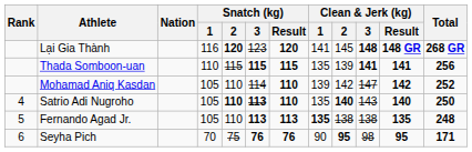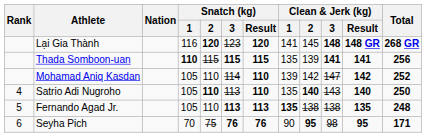 <table class="wikitable sortable" style="text-align:center;">
 <tr>
 <th rowspan=2>Rank</th>
 <th rowspan=2>Athlete</th>
 <th rowspan=2>Nation</th>
 <th colspan=4>Snatch (kg)</th>
 <th colspan=4>Clean & Jerk (kg)</th>
 <th rowspan=2>Total</th>
 </tr>
 <tr>
 <th>1</th>
 <th>2</th>
 <th>3</th>
 <th>Result</th>
 <th>1</th>
 <th>2</th>
 <th>3</th>
 <th>Result</th>
 </tr>
 <tr>
 <td></td>
 <td align=left>Lại Gia Thành</td>
 <td align=left></td>
 <td>116</td>
 <td><strong>120</strong></td>
 <td><s>123</s></td>
 <td><strong>120</strong></td>
 <td>141</td>
 <td>145</td>
 <td><strong>148</strong></td>
 <td><strong>148</strong> <strong><a href='#'>GR</a></strong></td>
 <td><strong>268</strong> <strong><a href='#'>GR</a></strong></td>
 </tr>
 <tr>
 <td></td>
 <td align=left><a href='#'>Thada Somboon-uan</a></td>
 <td align=left></td>
-<td>110</td>
+<td><strong>110</strong></td>
 <td><s>115</s></td>
 <td><strong>115</strong></td>
 <td><strong>115</strong></td>
 <td>135</td>
 <td>139</td>
 <td><strong>141</strong></td>
 <td><strong>141</strong></td>
 <td><strong>256</strong></td>
 </tr>
 <tr>
 <td></td>
 <td align=left><a href='#'>Mohamad Aniq Kasdan</a></td>
 <td align=left></td>
 <td>105</td>
 <td>110</td>
 <td><s>114</s></td>
 <td><strong>110</strong></td>
 <td>139</td>
 <td>142</td>
 <td><s>147</s></td>
 <td><strong>142</strong></td>
 <td><strong>252</strong></td>
 </tr>
 <tr>
 <td>4</td>
 <td align=left>Satrio Adi Nugroho</td>
 <td align=left></td>
 <td>105</td>
 <td><strong>110</strong></td>
-<td><strong><s>113</s></strong></td>
+<td><s>113</s></td>
 <td><strong>110</strong></td>
 <td>135</td>
 <td><strong>140</strong></td>
 <td><s>143</s></td>
 <td><strong>140</strong></td>
 <td><strong>250</strong></td>
 </tr>
 <tr>
 <td>5</td>
 <td align=left>Fernando Agad Jr.</td>
 <td align=left></td>
 <td>105</td>
 <td>110</td>
 <td><strong>113</strong></td>
 <td><strong>113</strong></td>
 <td><strong>135</strong></td>
 <td><s>138</s></td>
 <td><s>138</s></td>
 <td><strong>135</strong></td>
 <td><strong>248</strong></td>
 </tr>
 <tr>
 <td>6</td>
 <td align=left>Seyha Pich</td>
 <td align=left></td>
 <td>70</td>
 <td><s>75</s></td>
 <td><strong>76</strong></td>
 <td><strong>76</strong></td>
 <td>90</td>
 <td><strong>95</strong></td>
 <td><s>98</s></td>
 <td><strong>95</strong></td>
 <td><strong>171</strong></td>
 </tr>
 </table>
